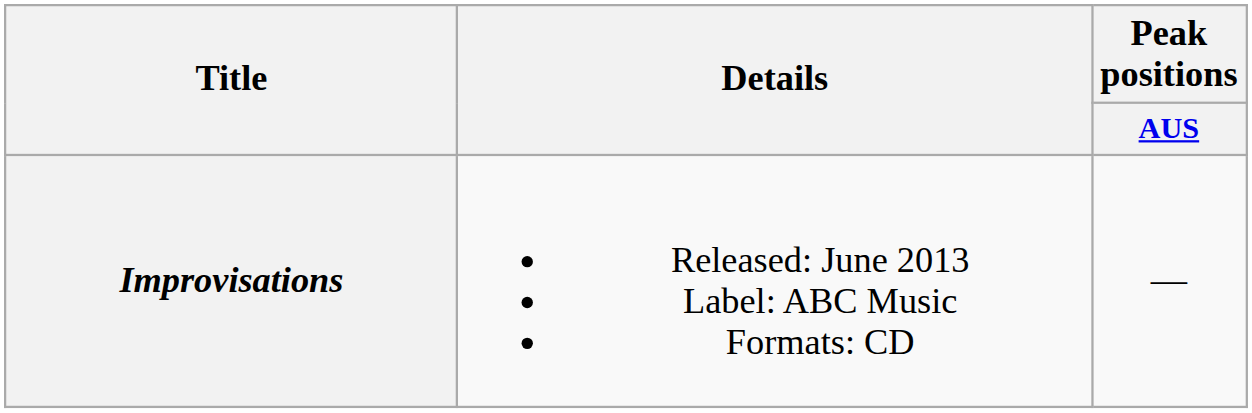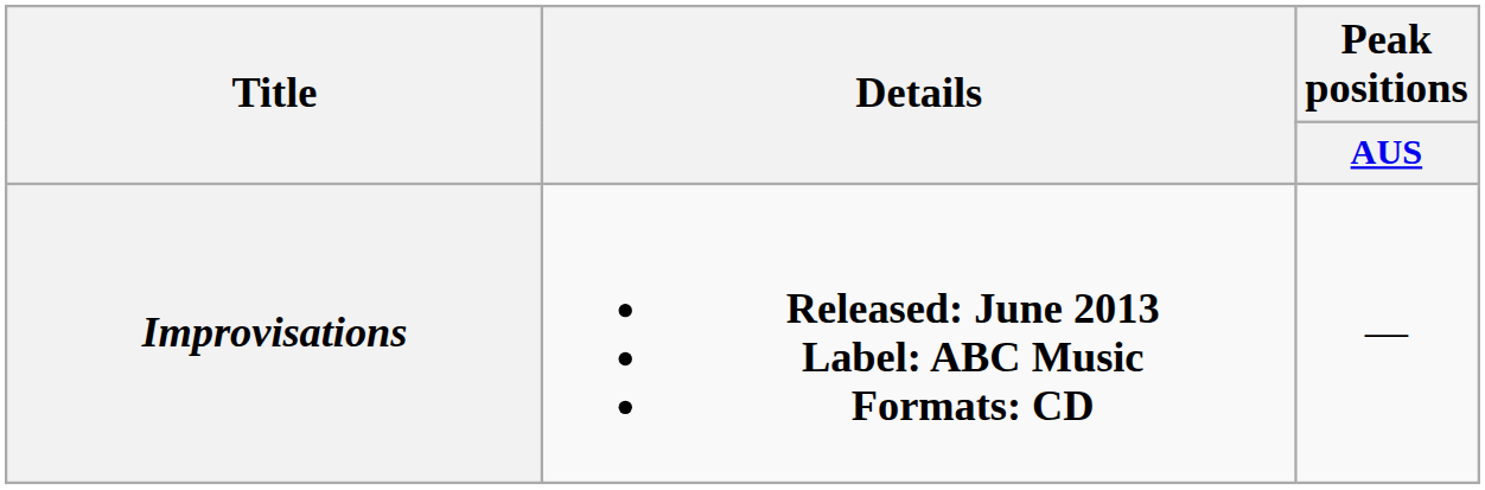 <table class="wikitable plainrowheaders" style="text-align:center;">
 <tr>
 <th rowspan="2" style="width:12em;">Title</th>
 <th rowspan="2" style="width:17em;">Details</th>
 <th colspan="1">Peak positions</th>
 </tr>
 <tr style="font-size:smaller;">
 <th width="50"><a href='#'>AUS</a><br></th>
 </tr>
 <tr>
 <th scope="row"><em>Improvisations</em></th>
-<td><br><ul><li>Released: June 2013</li><li>Label: ABC Music</li><li>Formats: CD</li></ul></td>
+<td><strong><br><ul><li>Released: June 2013</li><li>Label: ABC Music</li><li>Formats: CD</li></ul></strong></td>
 <td>—</td>
 </tr>
 </table>
